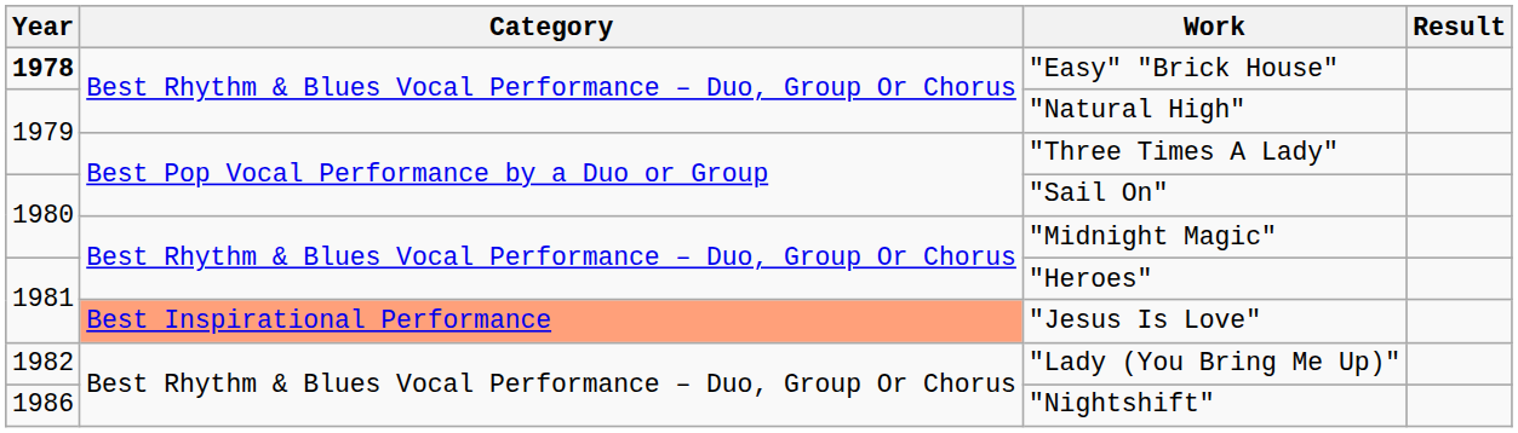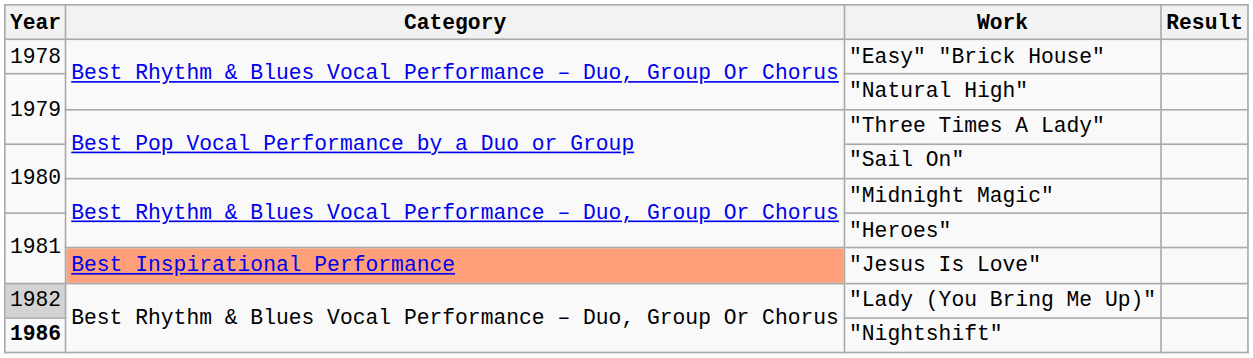 <table class="wikitable sortable plainrowheaders">
 <tr>
 <th scope="col">Year</th>
 <th scope="col">Category</th>
 <th scope="col">Work</th>
 <th scope="col">Result</th>
 </tr>
 <tr>
-<td><strong>1978</strong></td>
+<td>1978</td>
 <td rowspan=2><a href='#'>Best Rhythm & Blues Vocal Performance – Duo, Group Or Chorus</a></td>
 <td>"Easy" "Brick House"</td>
 <td></td>
 </tr>
 <tr>
 <td rowspan=2>1979</td>
 <td>"Natural High"</td>
 <td></td>
 </tr>
 <tr>
 <td rowspan=2><a href='#'>Best Pop Vocal Performance by a Duo or Group</a></td>
 <td>"Three Times A Lady"</td>
 <td></td>
 </tr>
 <tr>
 <td rowspan=2>1980</td>
 <td>"Sail On"</td>
 <td></td>
 </tr>
 <tr>
 <td rowspan=2><a href='#'>Best Rhythm & Blues Vocal Performance – Duo, Group Or Chorus</a></td>
 <td>"Midnight Magic"</td>
 <td></td>
 </tr>
 <tr>
 <td rowspan=2>1981</td>
 <td>"Heroes"</td>
 <td></td>
 </tr>
 <tr>
 <td style="background: lightsalmon;"><a href='#'>Best Inspirational Performance</a></td>
 <td>"Jesus Is Love"</td>
 <td></td>
 </tr>
 <tr>
-<td>1982</td>
+<td style="background: lightgrey;">1982</td>
 <td rowspan=2>Best Rhythm & Blues Vocal Performance – Duo, Group Or Chorus</td>
 <td>"Lady (You Bring Me Up)"</td>
 <td></td>
 </tr>
 <tr>
-<td>1986</td>
+<td><strong>1986</strong></td>
 <td>"Nightshift"</td>
 <td></td>
 </tr>
 </table>
